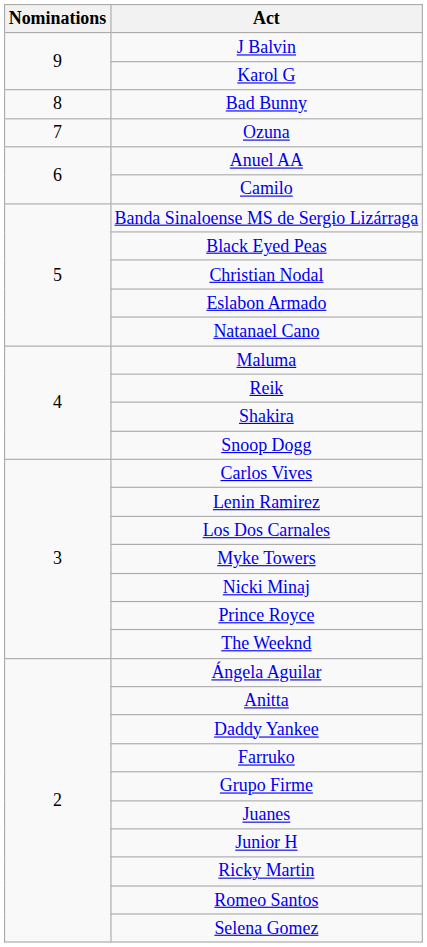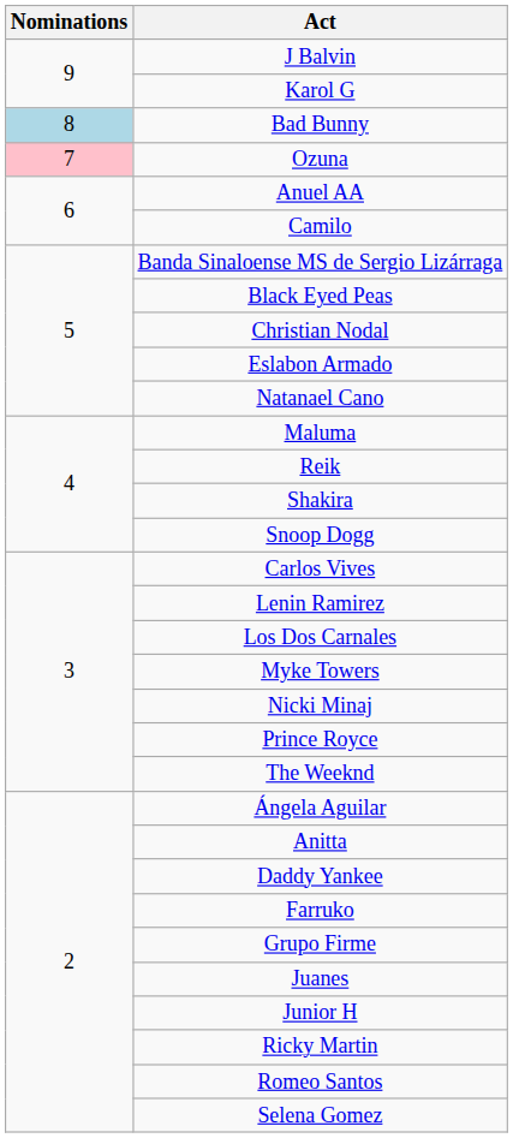 <table class="wikitable" rowspan="2" style="text-align:center;">
 <tr>
 <th scope="col">Nominations</th>
 <th scope="col">Act</th>
 </tr>
 <tr>
 <td rowspan="2">9</td>
 <td><a href='#'>J Balvin</a></td>
 </tr>
 <tr>
 <td><a href='#'>Karol G</a></td>
 </tr>
 <tr>
-<td>8</td>
+<td style="background: lightblue;">8</td>
 <td><a href='#'>Bad Bunny</a></td>
 </tr>
 <tr>
-<td>7</td>
+<td style="background: pink;">7</td>
 <td><a href='#'>Ozuna</a></td>
 </tr>
 <tr>
 <td rowspan="2">6</td>
 <td><a href='#'>Anuel AA</a></td>
 </tr>
 <tr>
 <td><a href='#'>Camilo</a></td>
 </tr>
 <tr>
 <td rowspan="5">5</td>
 <td><a href='#'>Banda Sinaloense MS de Sergio Lizárraga</a></td>
 </tr>
 <tr>
 <td><a href='#'>Black Eyed Peas</a></td>
 </tr>
 <tr>
 <td><a href='#'>Christian Nodal</a></td>
 </tr>
 <tr>
 <td><a href='#'>Eslabon Armado</a></td>
 </tr>
 <tr>
 <td><a href='#'>Natanael Cano</a></td>
 </tr>
 <tr>
 <td rowspan="4">4</td>
 <td><a href='#'>Maluma</a></td>
 </tr>
 <tr>
 <td><a href='#'>Reik</a></td>
 </tr>
 <tr>
 <td><a href='#'>Shakira</a></td>
 </tr>
 <tr>
 <td><a href='#'>Snoop Dogg</a></td>
 </tr>
 <tr>
 <td rowspan="7">3</td>
 <td><a href='#'>Carlos Vives</a></td>
 </tr>
 <tr>
 <td><a href='#'>Lenin Ramirez</a></td>
 </tr>
 <tr>
 <td><a href='#'>Los Dos Carnales</a></td>
 </tr>
 <tr>
 <td><a href='#'>Myke Towers</a></td>
 </tr>
 <tr>
 <td><a href='#'>Nicki Minaj</a></td>
 </tr>
 <tr>
 <td><a href='#'>Prince Royce</a></td>
 </tr>
 <tr>
 <td><a href='#'>The Weeknd</a></td>
 </tr>
 <tr>
 <td rowspan="10">2</td>
 <td><a href='#'>Ángela Aguilar</a></td>
 </tr>
 <tr>
 <td><a href='#'>Anitta</a></td>
 </tr>
 <tr>
 <td><a href='#'>Daddy Yankee</a></td>
 </tr>
 <tr>
 <td><a href='#'>Farruko</a></td>
 </tr>
 <tr>
 <td><a href='#'>Grupo Firme</a></td>
 </tr>
 <tr>
 <td><a href='#'>Juanes</a></td>
 </tr>
 <tr>
 <td><a href='#'>Junior H</a></td>
 </tr>
 <tr>
 <td><a href='#'>Ricky Martin</a></td>
 </tr>
 <tr>
 <td><a href='#'>Romeo Santos</a></td>
 </tr>
 <tr>
 <td><a href='#'>Selena Gomez</a></td>
 </tr>
 </table>
